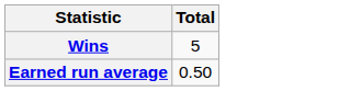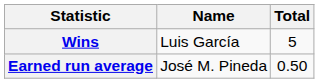 <table class="wikitable plainrowheaders">
 <tr>
 <th scope="col">Statistic</th>
+<th scope="col">Name</th>
 <th scope="col">Total</th>
 </tr>
 <tr>
 <th scope="row"><a href='#'>Wins</a></th>
+<td> Luis García</td>
 <td align=center>5</td>
 </tr>
 <tr>
 <th scope="row"><a href='#'>Earned run average</a></th>
+<td> José M. Pineda</td>
 <td align=center>0.50</td>
 </tr>
 </table>
